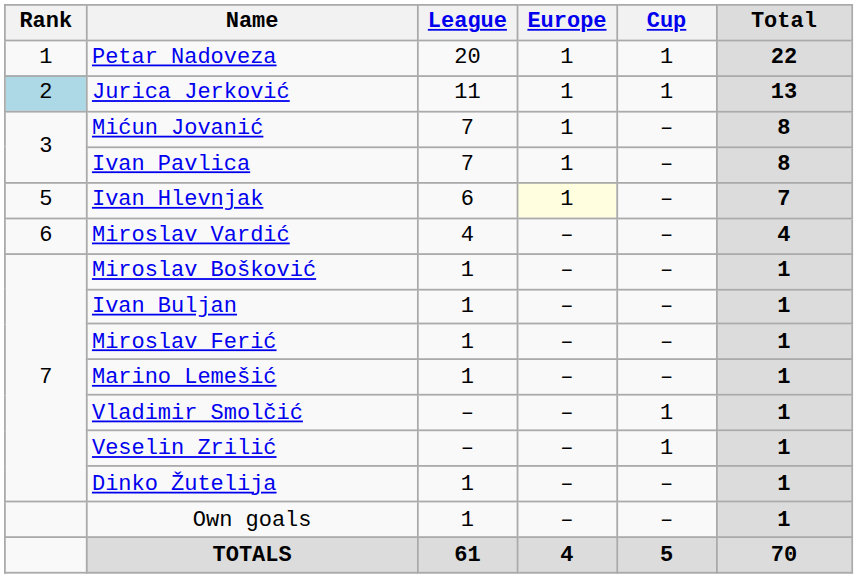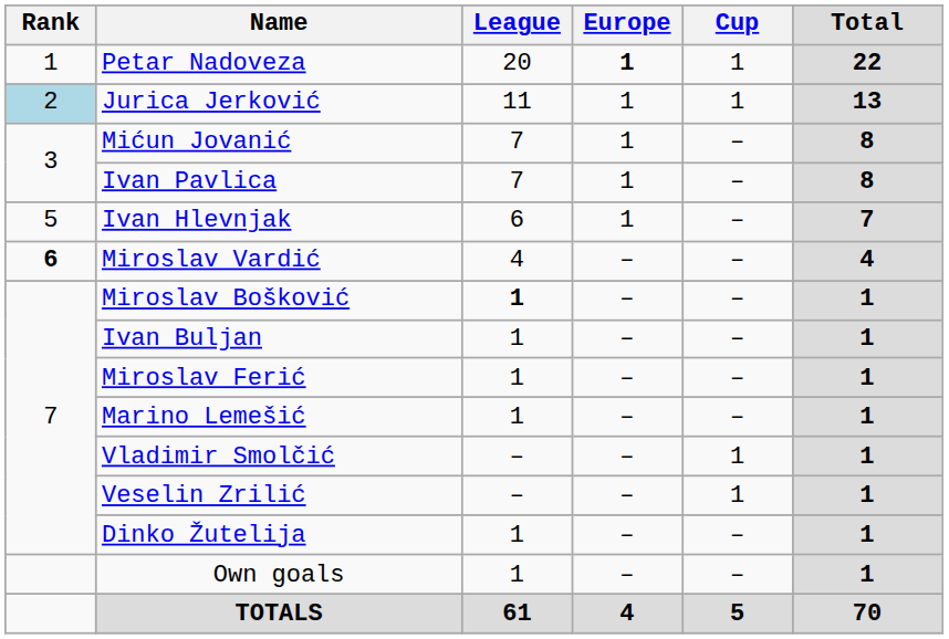 <table class="wikitable" style="font-size: 95%; text-align: center;">
 <tr>
 <th width=40>Rank</th>
 <th width=180>Name</th>
 <th width=50><a href='#'>League</a></th>
 <th width=50><a href='#'>Europe</a></th>
 <th width=50><a href='#'>Cup</a></th>
 <th width=70 style="background: #DCDCDC">Total</th>
 </tr>
 <tr>
 <td rowspan=1>1</td>
 <td style="text-align:left;"> <a href='#'>Petar Nadoveza</a></td>
 <td>20</td>
-<td>1</td>
+<td><strong>1</strong></td>
 <td>1</td>
 <th style="background: #DCDCDC">22</th>
 </tr>
 <tr>
 <td rowspan=1 style="background: lightblue;">2</td>
 <td style="text-align:left;"> <a href='#'>Jurica Jerković</a></td>
 <td>11</td>
 <td>1</td>
 <td>1</td>
 <th style="background: #DCDCDC">13</th>
 </tr>
 <tr>
 <td rowspan=2>3</td>
 <td style="text-align:left;"> <a href='#'>Mićun Jovanić</a></td>
 <td>7</td>
 <td>1</td>
 <td>–</td>
 <th style="background: #DCDCDC">8</th>
 </tr>
 <tr>
 <td style="text-align:left;"> <a href='#'>Ivan Pavlica</a></td>
 <td>7</td>
 <td>1</td>
 <td>–</td>
 <th style="background: #DCDCDC">8</th>
 </tr>
 <tr>
 <td rowspan=1>5</td>
 <td style="text-align:left;"> <a href='#'>Ivan Hlevnjak</a></td>
 <td>6</td>
-<td style="background: lightyellow;">1</td>
+<td>1</td>
 <td>–</td>
 <th style="background: #DCDCDC">7</th>
 </tr>
 <tr>
-<td rowspan=1>6</td>
+<td rowspan=1><strong>6</strong></td>
 <td style="text-align:left;"> <a href='#'>Miroslav Vardić</a></td>
 <td>4</td>
 <td>–</td>
 <td>–</td>
 <th style="background: #DCDCDC">4</th>
 </tr>
 <tr>
 <td rowspan=7>7</td>
 <td style="text-align:left;"> <a href='#'>Miroslav Bošković</a></td>
-<td>1</td>
+<td><strong>1</strong></td>
 <td>–</td>
 <td>–</td>
 <th style="background: #DCDCDC">1</th>
 </tr>
 <tr>
 <td style="text-align:left;"> <a href='#'>Ivan Buljan</a></td>
 <td>1</td>
 <td>–</td>
 <td>–</td>
 <th style="background: #DCDCDC">1</th>
 </tr>
 <tr>
 <td style="text-align:left;"> <a href='#'>Miroslav Ferić</a></td>
 <td>1</td>
 <td>–</td>
 <td>–</td>
 <th style="background: #DCDCDC">1</th>
 </tr>
 <tr>
 <td style="text-align:left;"> <a href='#'>Marino Lemešić</a></td>
 <td>1</td>
 <td>–</td>
 <td>–</td>
 <th style="background: #DCDCDC">1</th>
 </tr>
 <tr>
 <td style="text-align:left;"> <a href='#'>Vladimir Smolčić</a></td>
 <td>–</td>
 <td>–</td>
 <td>1</td>
 <th style="background: #DCDCDC">1</th>
 </tr>
 <tr>
 <td style="text-align:left;"> <a href='#'>Veselin Zrilić</a></td>
 <td>–</td>
 <td>–</td>
 <td>1</td>
 <th style="background: #DCDCDC">1</th>
 </tr>
 <tr>
 <td style="text-align:left;"> <a href='#'>Dinko Žutelija</a></td>
 <td>1</td>
 <td>–</td>
 <td>–</td>
 <th style="background: #DCDCDC">1</th>
 </tr>
 <tr>
 <td></td>
 <td style="text-align:center;">Own goals</td>
 <td>1</td>
 <td>–</td>
 <td>–</td>
 <th style="background: #DCDCDC">1</th>
 </tr>
 <tr>
 <td></td>
 <th style="background: #DCDCDC">TOTALS</th>
 <th style="background: #DCDCDC">61</th>
 <th style="background: #DCDCDC">4</th>
 <th style="background: #DCDCDC">5</th>
 <th style="background: #DCDCDC">70</th>
 </tr>
 </table>
